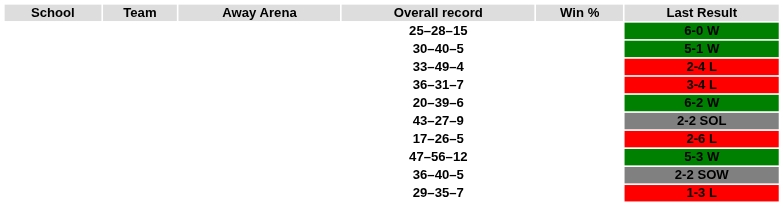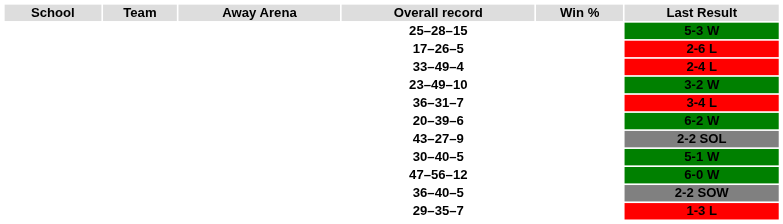 <table width="75%">
 <tr align="center"  bgcolor="#dddddd">
 <th>School</th>
 <th>Team</th>
 <th>Away Arena</th>
 <th>Overall record</th>
 <th>Win %</th>
 <th>Last Result</th>
 </tr>
 <tr align="center">
 <td><strong><a href='#'></a></strong></td>
 <td><strong><a href='#'></a></strong></td>
 <td><strong><a href='#'></a> </strong></td>
 <td><strong>25–28–15</strong></td>
 <td><strong></strong></td>
-<td bgcolor=green><strong>6-0 W</strong></td>
+<td bgcolor=green><strong>5-3 W</strong></td>
 </tr>
 <tr align="center">
 <td><strong><a href='#'></a></strong></td>
 <td><strong><a href='#'></a></strong></td>
-<td><strong><a href='#'></a> </strong></td>
-<td><strong>30–40–5</strong></td>
+<td><strong><a href='#'></a></strong></td>
+<td><strong>17–26–5</strong></td>
 <td><strong></strong></td>
-<td bgcolor=green><strong>5-1 W</strong></td>
+<td bgcolor=red><strong>2-6 L</strong></td>
 </tr>
 <tr align="center">
 <td><strong><a href='#'></a></strong></td>
 <td><strong><a href='#'></a></strong></td>
 <td><strong><a href='#'></a> </strong></td>
 <td><strong>33–49–4</strong></td>
 <td><strong></strong></td>
 <td bgcolor=red><strong>2-4 L</strong></td>
+</tr>
+<tr align="center">
+<td><strong><a href='#'></a></strong></td>
+<td><strong><a href='#'></a></strong></td>
+<td><strong><a href='#'></a> </strong></td>
+<td><strong>23–49–10</strong></td>
+<td><strong></strong></td>
+<td bgcolor=green><strong>3-2 W</strong></td>
 </tr>
 <tr align="center">
 <td><strong><a href='#'></a></strong></td>
 <td><strong><a href='#'></a></strong></td>
 <td><strong><a href='#'></a></strong></td>
 <td><strong>36–31–7</strong></td>
 <td><strong></strong></td>
 <td bgcolor=red><strong>3-4 L</strong></td>
 </tr>
 <tr align="center">
 <td><strong><a href='#'></a></strong></td>
 <td><strong><a href='#'></a></strong></td>
 <td><strong><a href='#'></a></strong></td>
 <td><strong>20–39–6</strong></td>
 <td><strong></strong></td>
 <td bgcolor=green><strong>6-2 W</strong></td>
 </tr>
 <tr align="center">
 <td><strong><a href='#'></a></strong></td>
 <td><strong><a href='#'></a></strong></td>
 <td><strong><a href='#'></a></strong></td>
 <td><strong>43–27–9</strong></td>
 <td><strong></strong></td>
 <td bgcolor=gray><strong>2-2 SOL</strong></td>
 </tr>
 <tr align="center">
 <td><strong><a href='#'></a></strong></td>
 <td><strong><a href='#'></a></strong></td>
-<td><strong><a href='#'></a></strong></td>
-<td><strong>17–26–5</strong></td>
+<td><strong><a href='#'></a> </strong></td>
+<td><strong>30–40–5</strong></td>
 <td><strong></strong></td>
-<td bgcolor=red><strong>2-6 L</strong></td>
+<td bgcolor=green><strong>5-1 W</strong></td>
 </tr>
 <tr align="center">
 <td><strong><a href='#'></a></strong></td>
 <td><strong><a href='#'></a></strong></td>
 <td><strong><a href='#'></a></strong></td>
 <td><strong>47–56–12</strong></td>
 <td><strong></strong></td>
-<td bgcolor=green><strong>5-3 W</strong></td>
+<td bgcolor=green><strong>6-0 W</strong></td>
 </tr>
 <tr align="center">
 <td><strong><a href='#'></a></strong></td>
 <td><strong><a href='#'></a></strong></td>
 <td><strong><a href='#'></a></strong></td>
 <td><strong>36–40–5</strong></td>
 <td><strong></strong></td>
 <td bgcolor=grey><strong>2-2 SOW</strong></td>
 </tr>
 <tr align="center">
 <td><strong><a href='#'></a></strong></td>
 <td><strong><a href='#'></a></strong></td>
 <td><strong><a href='#'></a></strong></td>
 <td><strong>29–35–7</strong></td>
 <td><strong></strong></td>
 <td bgcolor=red><strong>1-3 L</strong></td>
 </tr>
 </table>
